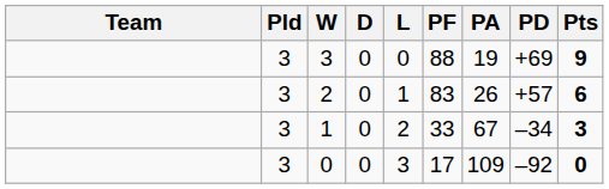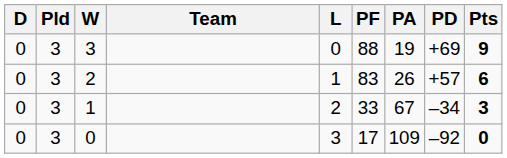 <table class="wikitable" style="text-align:center;">
 <tr>
-<th width=175>Team</th>
+<th width=20 abbr="Drawn">D</th>
 <th width=20 abbr="Played">Pld</th>
 <th width=20 abbr="Won">W</th>
-<th width=20 abbr="Drawn">D</th>
+<th width=175>Team</th>
 <th width=20 abbr="Lost">L</th>
 <th width=20 abbr="Points for">PF</th>
 <th width=20 abbr="Points against">PA</th>
 <th width=25 abbr="Points difference">PD</th>
 <th width=20 abbr="Points">Pts</th>
 </tr>
 <tr>
-<td align=left></td>
+<td>0</td>
 <td>3</td>
 <td>3</td>
-<td>0</td>
+<td align=left></td>
 <td>0</td>
 <td>88</td>
 <td>19</td>
 <td>+69</td>
 <td><strong>9</strong></td>
 </tr>
 <tr>
-<td align=left></td>
+<td>0</td>
 <td>3</td>
 <td>2</td>
-<td>0</td>
+<td align=left></td>
 <td>1</td>
 <td>83</td>
 <td>26</td>
 <td>+57</td>
 <td><strong>6</strong></td>
 </tr>
 <tr>
-<td align=left></td>
+<td>0</td>
 <td>3</td>
 <td>1</td>
-<td>0</td>
+<td align=left></td>
 <td>2</td>
 <td>33</td>
 <td>67</td>
 <td>–34</td>
 <td><strong>3</strong></td>
 </tr>
 <tr>
-<td align=left></td>
+<td>0</td>
 <td>3</td>
 <td>0</td>
-<td>0</td>
+<td align=left></td>
 <td>3</td>
 <td>17</td>
 <td>109</td>
 <td>–92</td>
 <td><strong>0</strong></td>
 </tr>
 </table>
